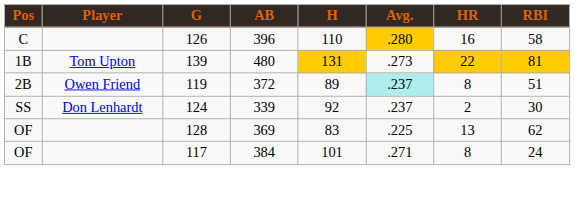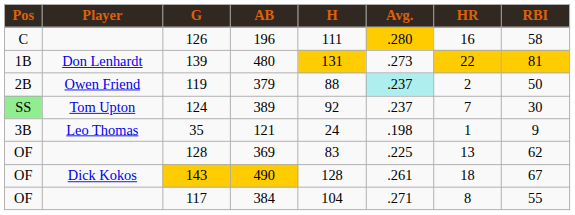 <table class="wikitable sortable">
 <tr>
 <th style="background:#312821;color:#de6108;" width="5%">Pos</th>
 <th style="background:#312821;color:#de6108;" width="16%">Player</th>
 <th style="background:#312821;color:#de6108;" width="9%">G</th>
 <th style="background:#312821;color:#de6108;" width="9%">AB</th>
 <th style="background:#312821;color:#de6108;" width="9%">H</th>
 <th style="background:#312821;color:#de6108;" width="9%">Avg.</th>
 <th style="background:#312821;color:#de6108;" width="9%">HR</th>
 <th style="background:#312821;color:#de6108;" width="9%">RBI</th>
 </tr>
 <tr align="center">
 <td>C</td>
 <td></td>
 <td>126</td>
-<td>396</td>
-<td>110</td>
+<td>196</td>
+<td>111</td>
 <td style="background:#fc0;">.280</td>
 <td>16</td>
 <td>58</td>
 </tr>
 <tr align="center">
 <td>1B</td>
-<td><a href='#'>Tom Upton</a></td>
+<td><a href='#'>Don Lenhardt</a></td>
 <td>139</td>
 <td>480</td>
 <td style="background:#fc0;">131</td>
 <td>.273</td>
 <td style="background:#fc0;">22</td>
 <td style="background:#fc0;">81</td>
 </tr>
 <tr align="center">
 <td>2B</td>
 <td><a href='#'>Owen Friend</a></td>
 <td>119</td>
-<td>372</td>
-<td>89</td>
+<td>379</td>
+<td>88</td>
 <td style="background: paleturquoise;">.237</td>
-<td>8</td>
-<td>51</td>
+<td>2</td>
+<td>50</td>
 </tr>
 <tr align="center">
-<td>SS</td>
-<td><a href='#'>Don Lenhardt</a></td>
+<td style="background: lightgreen;">SS</td>
+<td><a href='#'>Tom Upton</a></td>
 <td>124</td>
-<td>339</td>
+<td>389</td>
 <td>92</td>
 <td>.237</td>
-<td>2</td>
+<td>7</td>
 <td>30</td>
+</tr>
+<tr align="center">
+<td>3B</td>
+<td><a href='#'>Leo Thomas</a></td>
+<td>35</td>
+<td>121</td>
+<td>24</td>
+<td>.198</td>
+<td>1</td>
+<td>9</td>
 </tr>
 <tr align="center">
 <td>OF</td>
 <td></td>
 <td>128</td>
 <td>369</td>
 <td>83</td>
 <td>.225</td>
 <td>13</td>
 <td>62</td>
 </tr>
 <tr align="center">
 <td>OF</td>
+<td><a href='#'>Dick Kokos</a></td>
+<td style="background:#fc0;">143</td>
+<td style="background:#fc0;">490</td>
+<td>128</td>
+<td>.261</td>
+<td>18</td>
+<td>67</td>
+</tr>
+<tr align="center">
+<td>OF</td>
 <td></td>
 <td>117</td>
 <td>384</td>
-<td>101</td>
+<td>104</td>
 <td>.271</td>
 <td>8</td>
-<td>24</td>
+<td>55</td>
 </tr>
 </table>
